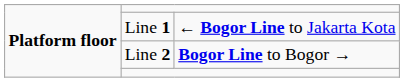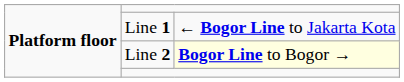 <table class="wikitable">
 <tr>
 <td rowspan="4"><strong>Platform floor</strong></td>
 <td colspan="2"></td>
 </tr>
 <tr>
 <td>Line <strong>1</strong></td>
 <td>←   <strong><a href='#'>Bogor Line</a></strong> to <a href='#'>Jakarta Kota</a></td>
 </tr>
 <tr>
 <td>Line <strong>2</strong></td>
-<td> <strong><a href='#'>Bogor Line</a></strong> to Bogor  →</td>
+<td style="background: lightyellow;"> <strong><a href='#'>Bogor Line</a></strong> to Bogor  →</td>
 </tr>
 <tr>
 <td colspan="2"></td>
 </tr>
 </table>
